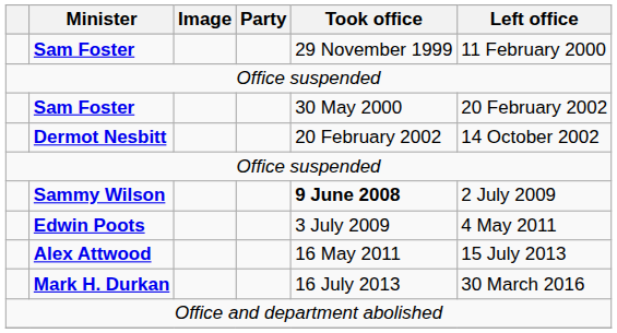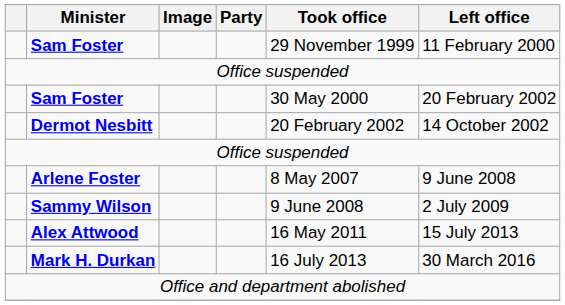 <table class="wikitable" style="margin: 1em auto 1em auto">
 <tr bgcolor=cccccc>
 <th></th>
 <th>Minister</th>
 <th>Image</th>
 <th>Party</th>
 <th>Took office</th>
 <th>Left office</th>
 </tr>
 <tr>
 <td style="background:">   </td>
 <td><strong><a href='#'>Sam Foster</a></strong></td>
 <td></td>
 <td></td>
 <td>29 November 1999</td>
 <td>11 February 2000</td>
 </tr>
 <tr>
 <td colspan="6" align="center"><em>Office suspended</em></td>
 </tr>
 <tr>
 <td style="background:">   </td>
 <td><strong><a href='#'>Sam Foster</a></strong></td>
 <td></td>
 <td></td>
 <td>30 May 2000</td>
 <td>20 February 2002</td>
 </tr>
 <tr>
 <td style="background:">   </td>
 <td><strong><a href='#'>Dermot Nesbitt</a></strong></td>
 <td></td>
 <td></td>
 <td>20 February 2002</td>
 <td>14 October 2002</td>
 </tr>
 <tr>
 <td colspan="6" align="center"><em>Office suspended</em></td>
 </tr>
 <tr>
 <td style="background:">   </td>
+<td><strong><a href='#'>Arlene Foster</a></strong></td>
+<td></td>
+<td></td>
+<td>8 May 2007</td>
+<td>9 June 2008</td>
+</tr>
+<tr>
+<td style="background:">   </td>
 <td><strong><a href='#'>Sammy Wilson</a></strong></td>
 <td></td>
 <td></td>
-<td><strong>9 June 2008</strong></td>
+<td>9 June 2008</td>
 <td>2 July 2009</td>
-</tr>
-<tr>
-<td style="background:">   </td>
-<td><strong><a href='#'>Edwin Poots</a></strong></td>
-<td></td>
-<td></td>
-<td>3 July 2009</td>
-<td>4 May 2011</td>
 </tr>
 <tr>
 <td style="background:">   </td>
 <td><strong><a href='#'>Alex Attwood</a></strong></td>
 <td></td>
 <td></td>
 <td>16 May 2011</td>
 <td>15 July 2013</td>
 </tr>
 <tr>
 <td style="background:">   </td>
 <td><strong><a href='#'>Mark H. Durkan</a></strong></td>
 <td></td>
 <td></td>
 <td>16 July 2013</td>
 <td>30 March 2016</td>
 </tr>
 <tr>
 <td colspan="6" align="center"><em>Office and department abolished</em></td>
 </tr>
 <tr>
 </tr>
 </table>
